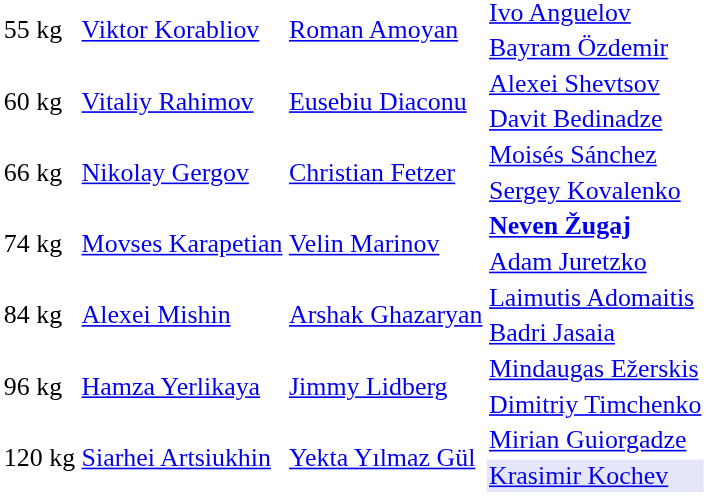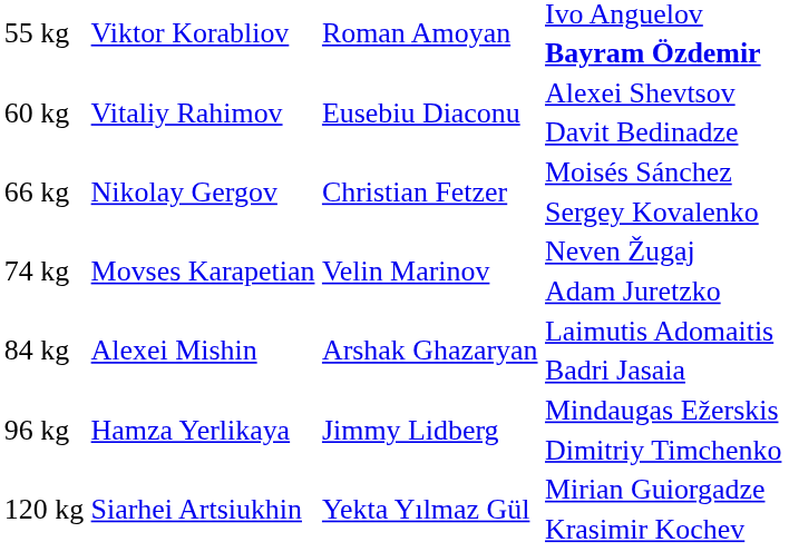 <table>
 <tr>
 <td rowspan=2>55 kg</td>
 <td rowspan=2> <a href='#'>Viktor Korabliov</a></td>
 <td rowspan=2> <a href='#'>Roman Amoyan</a></td>
 <td>  <a href='#'>Ivo Anguelov</a></td>
 </tr>
 <tr>
-<td> <a href='#'>Bayram Özdemir</a></td>
+<td><strong> <a href='#'>Bayram Özdemir</a></strong></td>
 </tr>
 <tr>
 <td rowspan=2>60 kg</td>
 <td rowspan=2> <a href='#'>Vitaliy Rahimov</a></td>
 <td rowspan=2> <a href='#'>Eusebiu Diaconu</a></td>
 <td>  <a href='#'>Alexei Shevtsov</a></td>
 </tr>
 <tr>
 <td> <a href='#'>Davit Bedinadze</a></td>
 </tr>
 <tr>
 <td rowspan=2>66 kg</td>
 <td rowspan=2> <a href='#'>Nikolay Gergov</a></td>
 <td rowspan=2> <a href='#'>Christian Fetzer</a></td>
 <td> <a href='#'>Moisés Sánchez</a></td>
 </tr>
 <tr>
 <td> <a href='#'>Sergey Kovalenko</a></td>
 </tr>
 <tr>
 <td rowspan=2>74 kg</td>
 <td rowspan=2> <a href='#'>Movses Karapetian</a></td>
 <td rowspan=2> <a href='#'>Velin Marinov</a></td>
-<td><strong> <a href='#'>Neven Žugaj</a></strong></td>
+<td> <a href='#'>Neven Žugaj</a></td>
 </tr>
 <tr>
 <td> <a href='#'>Adam Juretzko</a></td>
 </tr>
 <tr>
 <td rowspan=2>84 kg</td>
 <td rowspan=2> <a href='#'>Alexei Mishin</a></td>
 <td rowspan=2> <a href='#'>Arshak Ghazaryan</a></td>
 <td> <a href='#'>Laimutis Adomaitis</a></td>
 </tr>
 <tr>
 <td> <a href='#'>Badri Jasaia</a></td>
 </tr>
 <tr>
 <td rowspan=2>96 kg</td>
 <td rowspan=2> <a href='#'>Hamza Yerlikaya</a></td>
 <td rowspan=2> <a href='#'>Jimmy Lidberg</a></td>
 <td> <a href='#'>Mindaugas Ežerskis</a></td>
 </tr>
 <tr>
 <td> <a href='#'>Dimitriy Timchenko</a></td>
 </tr>
 <tr>
 <td rowspan=2>120 kg</td>
 <td rowspan=2> <a href='#'>Siarhei Artsiukhin</a></td>
 <td rowspan=2> <a href='#'>Yekta Yılmaz Gül</a></td>
 <td> <a href='#'>Mirian Guiorgadze</a></td>
 </tr>
 <tr>
-<td style="background: lavender;"> <a href='#'>Krasimir Kochev</a></td>
+<td> <a href='#'>Krasimir Kochev</a></td>
 </tr>
 </table>
